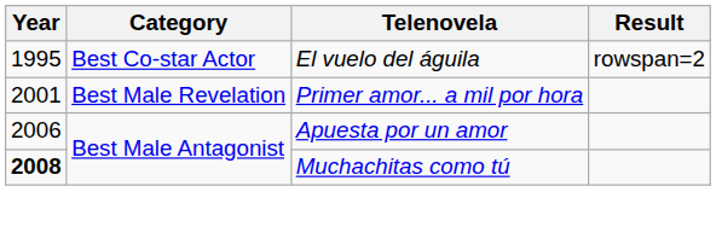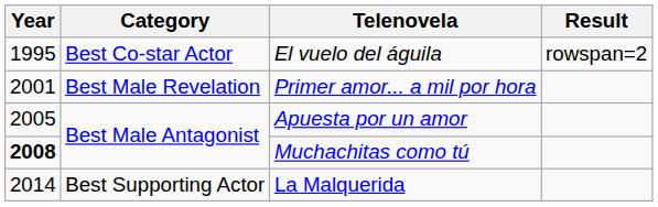 <table class="wikitable">
 <tr>
 <th><strong>Year</strong></th>
 <th><strong>Category</strong></th>
 <th><strong>Telenovela</strong></th>
 <th><strong>Result</strong></th>
 </tr>
 <tr>
 <td>1995</td>
 <td><a href='#'>Best Co-star Actor</a></td>
 <td><em>El vuelo del águila</em></td>
 <td>rowspan=2 </td>
 </tr>
 <tr>
 <td>2001</td>
 <td><a href='#'>Best Male Revelation</a></td>
 <td><em><a href='#'>Primer amor... a mil por hora</a></em></td>
 </tr>
 <tr>
-<td>2006</td>
+<td>2005</td>
 <td rowspan=2><a href='#'>Best Male Antagonist</a></td>
 <td><em><a href='#'>Apuesta por un amor</a></em></td>
 <td></td>
 </tr>
 <tr>
 <td><strong>2008</strong></td>
 <td><em><a href='#'>Muchachitas como tú</a></em></td>
 <td></td>
 </tr>
+<tr>
+<td>2014</td>
+<td>Best Supporting Actor</td>
+<td><a href='#'>La Malquerida</a></td>
+<td></td>
+</tr>
 </table>
